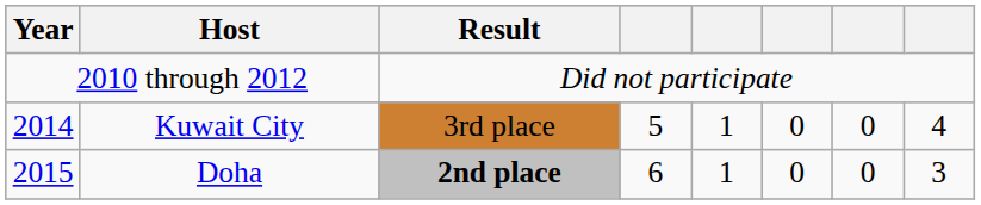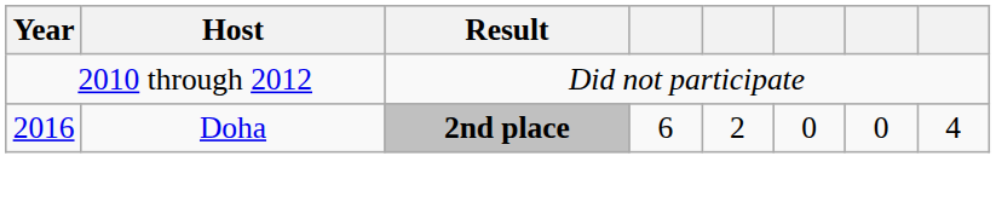 <table class="wikitable" style="text-align:center">
 <tr>
 <th width=30>Year</th>
 <th width=150>Host</th>
 <th width=120>Result</th>
 <th width=30></th>
 <th width=30></th>
 <th width=30></th>
 <th width=30></th>
 <th width=30></th>
 </tr>
 <tr>
 <td colspan=2><a href='#'>2010</a> through <a href='#'>2012</a></td>
 <td colspan=6><em>Did not participate</em></td>
 </tr>
 <tr>
-<td><a href='#'>2014</a></td>
-<td> <a href='#'>Kuwait City</a></td>
-<td bgcolor="#cd7f32"> 3rd place</td>
-<td>5</td>
-<td>1</td>
+<td><a href='#'>2016</a></td>
+<td> <a href='#'>Doha</a></td>
+<td bgcolor="#c0c0c0"><strong> 2nd place</strong></td>
+<td>6</td>
+<td>2</td>
 <td>0</td>
 <td>0</td>
 <td>4</td>
 </tr>
-<tr>
-<td><a href='#'>2015</a></td>
-<td> <a href='#'>Doha</a></td>
-<td bgcolor="#c0c0c0"><strong> 2nd place</strong></td>
-<td>6</td>
-<td>1</td>
-<td>0</td>
-<td>0</td>
-<td>3</td>
-</tr>
 </table>
